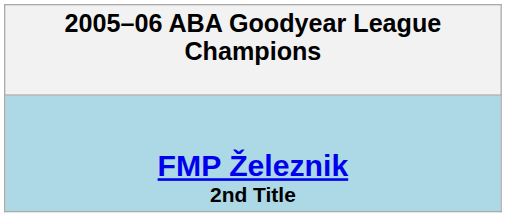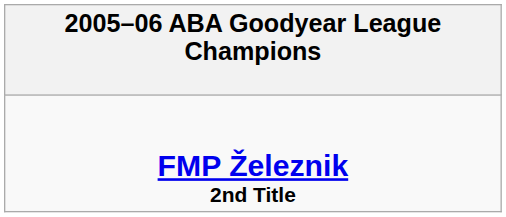 <table class="wikitable" style="margin: 0 auto; width: 30%;">
 <tr>
 <th><big>2005–06 ABA Goodyear League Champions</big><br><br></th>
 </tr>
 <tr>
-<td align=center style="background: lightblue;"><br><br><big><big><strong><a href='#'>FMP Železnik</a></strong><br></big></big><strong>2nd Title</strong></td>
+<td align=center><br><br><big><big><strong><a href='#'>FMP Železnik</a></strong><br></big></big><strong>2nd Title</strong></td>
 </tr>
 </table>
